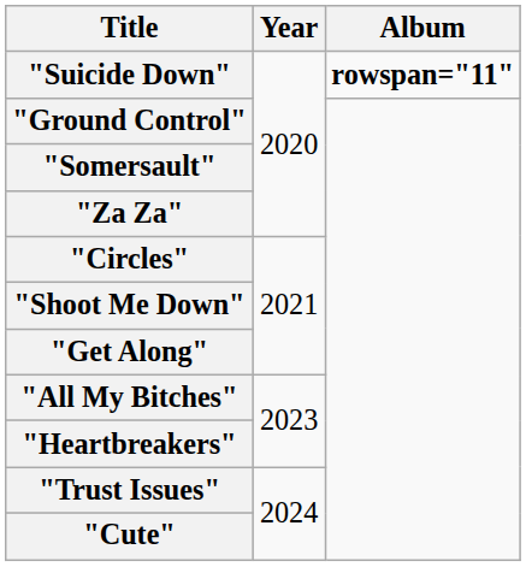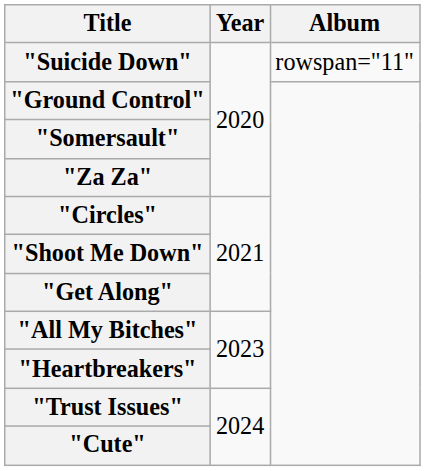 <table class="wikitable plainrowheaders" style="text-align:center;">
 <tr>
 <th scope="col">Title</th>
 <th scope="col">Year</th>
 <th scope="col">Album</th>
 </tr>
 <tr>
 <th scope="row">"Suicide Down"<br></th>
 <td rowspan="4">2020</td>
-<td><strong>rowspan="11" </strong></td>
+<td>rowspan="11" </td>
 </tr>
 <tr>
 <th scope="row">"Ground Control"<br></th>
 </tr>
 <tr>
 <th scope="row">"Somersault"</th>
 </tr>
 <tr>
 <th scope="row">"Za Za"</th>
 </tr>
 <tr>
 <th scope="row">"Circles"</th>
 <td rowspan="3">2021</td>
 </tr>
 <tr>
 <th scope="row">"Shoot Me Down"</th>
 </tr>
 <tr>
 <th scope="row">"Get Along"<br></th>
 </tr>
 <tr>
 <th scope="row">"All My Bitches"</th>
 <td rowspan="2">2023</td>
 </tr>
 <tr>
 <th scope="row">"Heartbreakers"</th>
 </tr>
 <tr>
 <th scope="row">"Trust Issues"</th>
 <td rowspan="2">2024</td>
 </tr>
 <tr>
 <th scope="row">"Cute"</th>
 </tr>
 </table>
